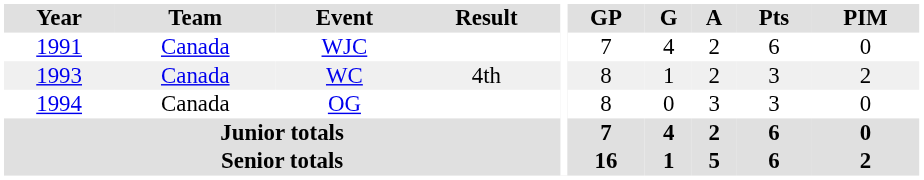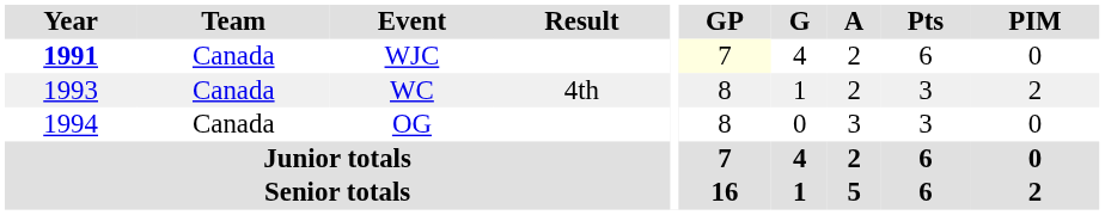 <table border="0" cellpadding="1" cellspacing="0" ID="Table3" style="text-align:center; width:40em">
 <tr ALIGN="center" bgcolor="#e0e0e0">
 <th>Year</th>
 <th>Team</th>
 <th>Event</th>
 <th>Result</th>
 <th rowspan="99" bgcolor="#ffffff"></th>
 <th>GP</th>
 <th>G</th>
 <th>A</th>
 <th>Pts</th>
 <th>PIM</th>
 </tr>
 <tr>
-<td><a href='#'>1991</a></td>
+<td><strong><a href='#'>1991</a></strong></td>
 <td><a href='#'>Canada</a></td>
 <td><a href='#'>WJC</a></td>
 <td></td>
-<td>7</td>
+<td style="background: lightyellow;">7</td>
 <td>4</td>
 <td>2</td>
 <td>6</td>
 <td>0</td>
 </tr>
 <tr bgcolor="#f0f0f0">
 <td><a href='#'>1993</a></td>
 <td><a href='#'>Canada</a></td>
 <td><a href='#'>WC</a></td>
 <td>4th</td>
 <td>8</td>
 <td>1</td>
 <td>2</td>
 <td>3</td>
 <td>2</td>
 </tr>
 <tr>
 <td><a href='#'>1994</a></td>
 <td>Canada</td>
 <td><a href='#'>OG</a></td>
 <td></td>
 <td>8</td>
 <td>0</td>
 <td>3</td>
 <td>3</td>
 <td>0</td>
 </tr>
 <tr bgcolor="#e0e0e0">
 <th colspan=4>Junior totals</th>
 <th>7</th>
 <th>4</th>
 <th>2</th>
 <th>6</th>
 <th>0</th>
 </tr>
 <tr bgcolor="#e0e0e0">
 <th colspan=4>Senior totals</th>
 <th>16</th>
 <th>1</th>
 <th>5</th>
 <th>6</th>
 <th>2</th>
 </tr>
 </table>
